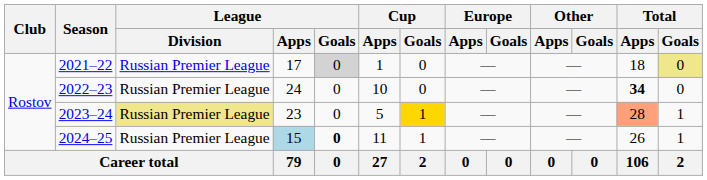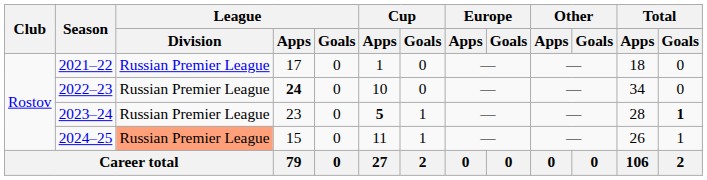 <table class="wikitable" style="text-align: center;">
 <tr>
 <th rowspan="2">Club</th>
 <th rowspan="2">Season</th>
 <th colspan="3">League</th>
 <th colspan="2">Cup</th>
 <th colspan="2">Europe</th>
 <th colspan="2">Other</th>
 <th colspan="2">Total</th>
 </tr>
 <tr>
 <th>Division</th>
 <th>Apps</th>
 <th>Goals</th>
 <th>Apps</th>
 <th>Goals</th>
 <th>Apps</th>
 <th>Goals</th>
 <th>Apps</th>
 <th>Goals</th>
 <th>Apps</th>
 <th>Goals</th>
 </tr>
 <tr>
 <td rowspan="4"><a href='#'>Rostov</a></td>
 <td><a href='#'>2021–22</a></td>
 <td><a href='#'>Russian Premier League</a></td>
 <td>17</td>
-<td style="background: lightgrey;">0</td>
+<td>0</td>
 <td>1</td>
 <td>0</td>
 <td colspan="2">—</td>
 <td colspan="2">—</td>
 <td>18</td>
-<td style="background: khaki;">0</td>
+<td>0</td>
 </tr>
 <tr>
 <td><a href='#'>2022–23</a></td>
 <td>Russian Premier League</td>
-<td>24</td>
+<td><strong>24</strong></td>
 <td>0</td>
 <td>10</td>
 <td>0</td>
 <td colspan="2">—</td>
 <td colspan="2">—</td>
-<td><strong>34</strong></td>
+<td>34</td>
 <td>0</td>
 </tr>
 <tr>
 <td><a href='#'>2023–24</a></td>
-<td style="background: khaki;">Russian Premier League</td>
+<td>Russian Premier League</td>
 <td>23</td>
 <td>0</td>
-<td>5</td>
-<td style="background: gold;">1</td>
+<td><strong>5</strong></td>
+<td>1</td>
 <td colspan="2">—</td>
 <td colspan="2">—</td>
-<td style="background: lightsalmon;">28</td>
-<td>1</td>
+<td>28</td>
+<td><strong>1</strong></td>
 </tr>
 <tr>
 <td><a href='#'>2024–25</a></td>
-<td>Russian Premier League</td>
-<td style="background: lightblue;">15</td>
-<td><strong>0</strong></td>
+<td style="background: lightsalmon;">Russian Premier League</td>
+<td>15</td>
+<td>0</td>
 <td>11</td>
 <td>1</td>
 <td colspan="2">—</td>
 <td colspan="2">—</td>
 <td>26</td>
 <td>1</td>
 </tr>
 <tr>
 <th colspan="3">Career total</th>
 <th>79</th>
 <th>0</th>
 <th>27</th>
 <th>2</th>
 <th>0</th>
 <th>0</th>
 <th>0</th>
 <th>0</th>
 <th>106</th>
 <th>2</th>
 </tr>
 </table>
